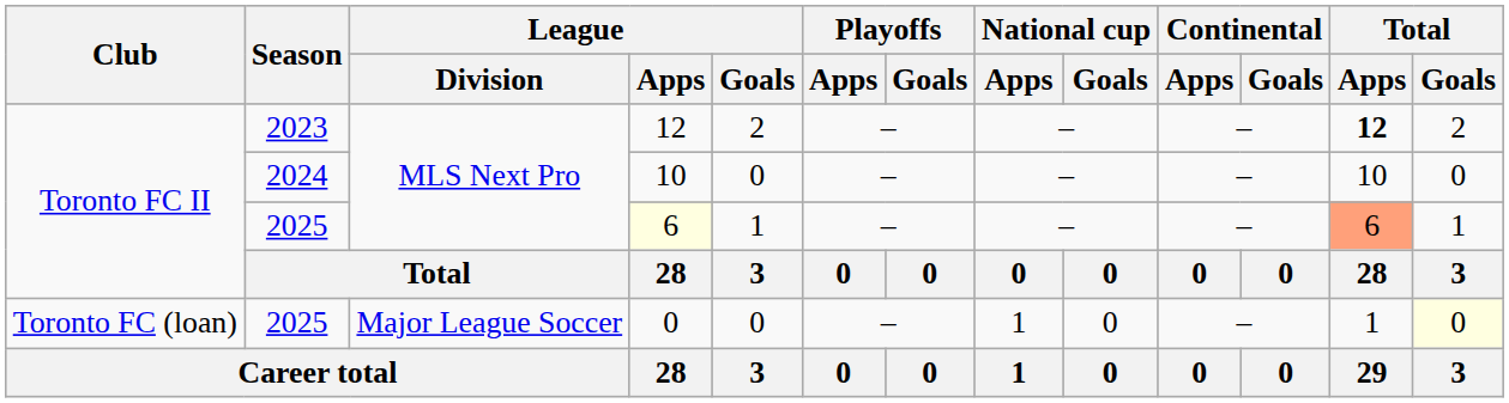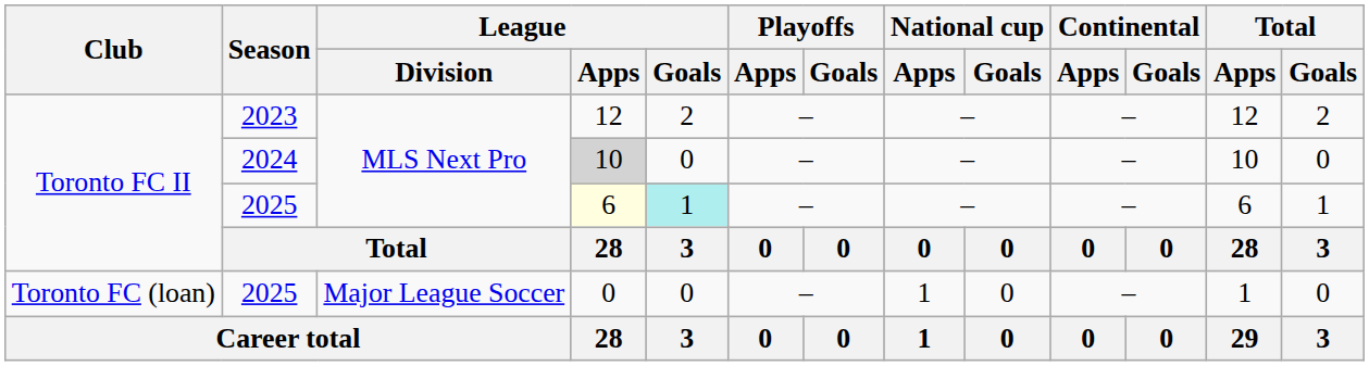 <table class="wikitable" style="text-align: center">
 <tr>
 <th rowspan="2">Club</th>
 <th rowspan="2">Season</th>
 <th colspan="3">League</th>
 <th colspan="2">Playoffs</th>
 <th colspan="2">National cup</th>
 <th colspan="2">Continental</th>
 <th colspan="2">Total</th>
 </tr>
 <tr>
 <th>Division</th>
 <th>Apps</th>
 <th>Goals</th>
 <th>Apps</th>
 <th>Goals</th>
 <th>Apps</th>
 <th>Goals</th>
 <th>Apps</th>
 <th>Goals</th>
 <th>Apps</th>
 <th>Goals</th>
 </tr>
 <tr>
 <td rowspan=4><a href='#'>Toronto FC II</a></td>
 <td><a href='#'>2023</a></td>
 <td rowspan=3><a href='#'>MLS Next Pro</a></td>
 <td>12</td>
 <td>2</td>
 <td colspan="2">–</td>
 <td colspan="2">–</td>
 <td colspan="2">–</td>
-<td><strong>12</strong></td>
+<td>12</td>
 <td>2</td>
 </tr>
 <tr>
 <td><a href='#'>2024</a></td>
-<td>10</td>
+<td style="background: lightgrey;">10</td>
 <td>0</td>
 <td colspan="2">–</td>
 <td colspan="2">–</td>
 <td colspan="2">–</td>
 <td>10</td>
 <td>0</td>
 </tr>
 <tr>
 <td><a href='#'>2025</a></td>
 <td style="background: lightyellow;">6</td>
-<td>1</td>
+<td style="background: paleturquoise;">1</td>
 <td colspan="2">–</td>
 <td colspan="2">–</td>
 <td colspan="2">–</td>
-<td style="background: lightsalmon;">6</td>
+<td>6</td>
 <td>1</td>
 </tr>
 <tr>
 <th colspan="2"><strong>Total</strong></th>
 <th>28</th>
 <th>3</th>
 <th>0</th>
 <th>0</th>
 <th>0</th>
 <th>0</th>
 <th>0</th>
 <th>0</th>
 <th>28</th>
 <th>3</th>
 </tr>
 <tr>
 <td><a href='#'>Toronto FC</a> (loan)</td>
 <td><a href='#'>2025</a></td>
 <td><a href='#'>Major League Soccer</a></td>
 <td>0</td>
 <td>0</td>
 <td colspan="2">–</td>
 <td>1</td>
 <td>0</td>
 <td colspan="2">–</td>
 <td>1</td>
-<td style="background: lightyellow;">0</td>
+<td>0</td>
 </tr>
 <tr>
 <th colspan="3">Career total</th>
 <th>28</th>
 <th>3</th>
 <th>0</th>
 <th>0</th>
 <th>1</th>
 <th>0</th>
 <th>0</th>
 <th>0</th>
 <th>29</th>
 <th>3</th>
 </tr>
 </table>
